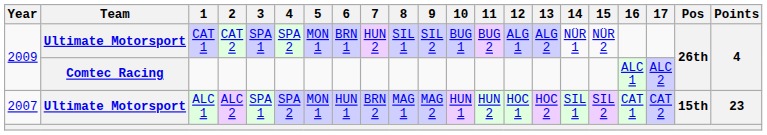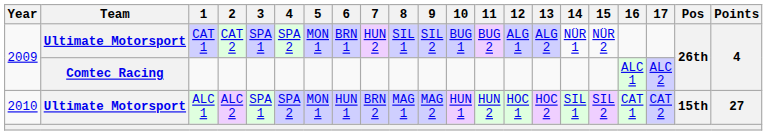 <table class="wikitable" style="text-align:center; font-size:85%">
 <tr>
 <th>Year</th>
 <th>Team</th>
 <th>1</th>
 <th>2</th>
 <th>3</th>
 <th>4</th>
 <th>5</th>
 <th>6</th>
 <th>7</th>
 <th>8</th>
 <th>9</th>
 <th>10</th>
 <th>11</th>
 <th>12</th>
 <th>13</th>
 <th>14</th>
 <th>15</th>
 <th>16</th>
 <th>17</th>
 <th>Pos</th>
 <th>Points</th>
 </tr>
 <tr>
 <td rowspan=2><a href='#'>2009</a></td>
 <th nowrap><a href='#'>Ultimate Motorsport</a></th>
 <td style="background:#cfcfff;"><a href='#'>CAT<br>1</a><br></td>
 <td style="background:#dfffdf;"><a href='#'>CAT<br>2</a><br></td>
 <td style="background:#cfcfff;"><a href='#'>SPA<br>1</a><br></td>
 <td style="background:#dfffdf;"><a href='#'>SPA<br>2</a><br></td>
 <td style="background:#cfcfff;"><a href='#'>MON<br>1</a><br></td>
 <td style="background:#cfcfff;"><a href='#'>BRN<br>1</a><br></td>
 <td style="background:#efcfff;"><a href='#'>HUN<br>2</a><br></td>
 <td style="background:#cfcfff;"><a href='#'>SIL<br>1</a><br></td>
 <td style="background:#cfcfff;"><a href='#'>SIL<br>2</a><br></td>
 <td style="background:#cfcfff;"><a href='#'>BUG<br>1</a><br></td>
 <td style="background:#efcfff;"><a href='#'>BUG<br>2</a><br></td>
 <td style="background:#cfcfff;"><a href='#'>ALG<br>1</a><br></td>
 <td style="background:#cfcfff;"><a href='#'>ALG<br>2</a><br></td>
 <td><a href='#'>NÜR<br>1</a></td>
 <td><a href='#'>NÜR<br>2</a></td>
 <td></td>
 <td></td>
 <th rowspan=2>26th</th>
 <th rowspan=2>4</th>
 </tr>
 <tr>
 <th nowrap><a href='#'>Comtec Racing</a></th>
 <td></td>
 <td></td>
 <td></td>
 <td></td>
 <td></td>
 <td></td>
 <td></td>
 <td></td>
 <td></td>
 <td></td>
 <td></td>
 <td></td>
 <td></td>
 <td></td>
 <td></td>
 <td style="background:#dfffdf;"><a href='#'>ALC<br>1</a><br></td>
 <td style="background:#cfcfff;"><a href='#'>ALC<br>2</a><br></td>
 </tr>
 <tr>
-<td><a href='#'>2007</a></td>
+<td><a href='#'>2010</a></td>
 <th nowrap><a href='#'>Ultimate Motorsport</a></th>
 <td style="background:#dfffdf;"><a href='#'>ALC<br>1</a><br></td>
 <td style="background:#efcfff;"><a href='#'>ALC<br>2</a><br></td>
 <td style="background:#dfffdf;"><a href='#'>SPA<br>1</a><br></td>
 <td style="background:#cfcfff;"><a href='#'>SPA<br>2</a><br></td>
 <td style="background:#cfcfff;"><a href='#'>MON<br>1</a><br></td>
 <td style="background:#cfcfff;"><a href='#'>HUN<br>1</a><br></td>
 <td style="background:#cfcfff;"><a href='#'>BRN<br>2</a><br></td>
 <td style="background:#cfcfff;"><a href='#'>MAG<br>1</a><br></td>
 <td style="background:#cfcfff;"><a href='#'>MAG<br>2</a><br></td>
 <td style="background:#efcfff;"><a href='#'>HUN<br>1</a><br></td>
 <td style="background:#dfffdf;"><a href='#'>HUN<br>2</a><br></td>
 <td style="background:#dfffdf;"><a href='#'>HOC<br>1</a><br></td>
 <td style="background:#efcfff;"><a href='#'>HOC<br>2</a><br></td>
 <td style="background:#dfffdf;"><a href='#'>SIL<br>1</a><br></td>
 <td style="background:#efcfff;"><a href='#'>SIL<br>2</a><br></td>
 <td style="background:#dfffdf;"><a href='#'>CAT<br>1</a><br></td>
 <td style="background:#cfcfff;"><a href='#'>CAT<br>2</a><br></td>
 <th>15th</th>
-<th>23</th>
+<th>27</th>
 </tr>
 <tr>
 <th colspan="21"></th>
 </tr>
 </table>
